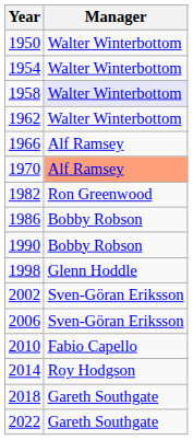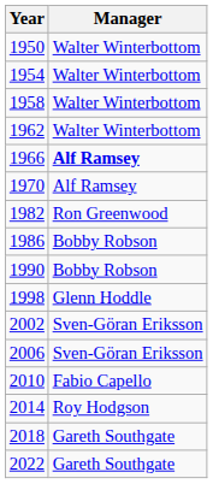 <table class="wikitable">
 <tr>
 <th>Year</th>
 <th>Manager</th>
 </tr>
 <tr>
 <td align=center><a href='#'>1950</a></td>
 <td> <a href='#'>Walter Winterbottom</a></td>
 </tr>
 <tr>
 <td align=center><a href='#'>1954</a></td>
 <td> <a href='#'>Walter Winterbottom</a></td>
 </tr>
 <tr>
 <td align=center><a href='#'>1958</a></td>
-<td style="background: lavender;"> <a href='#'>Walter Winterbottom</a></td>
+<td> <a href='#'>Walter Winterbottom</a></td>
 </tr>
 <tr>
 <td align=center><a href='#'>1962</a></td>
 <td> <a href='#'>Walter Winterbottom</a></td>
 </tr>
 <tr>
 <td align=center><a href='#'>1966</a></td>
-<td> <a href='#'>Alf Ramsey</a></td>
+<td><strong> <a href='#'>Alf Ramsey</a></strong></td>
 </tr>
 <tr>
 <td align=center><a href='#'>1970</a></td>
-<td style="background: lightsalmon;"> <a href='#'>Alf Ramsey</a></td>
+<td> <a href='#'>Alf Ramsey</a></td>
 </tr>
 <tr>
 <td align=center><a href='#'>1982</a></td>
 <td> <a href='#'>Ron Greenwood</a></td>
 </tr>
 <tr>
 <td align=center><a href='#'>1986</a></td>
 <td> <a href='#'>Bobby Robson</a></td>
 </tr>
 <tr>
 <td align=center><a href='#'>1990</a></td>
 <td> <a href='#'>Bobby Robson</a></td>
 </tr>
 <tr>
 <td align=center><a href='#'>1998</a></td>
 <td> <a href='#'>Glenn Hoddle</a></td>
 </tr>
 <tr>
 <td align=center><a href='#'>2002</a></td>
 <td> <a href='#'>Sven-Göran Eriksson</a></td>
 </tr>
 <tr>
 <td align=center><a href='#'>2006</a></td>
 <td> <a href='#'>Sven-Göran Eriksson</a></td>
 </tr>
 <tr>
 <td align=center><a href='#'>2010</a></td>
 <td> <a href='#'>Fabio Capello</a></td>
 </tr>
 <tr>
 <td align=center><a href='#'>2014</a></td>
 <td> <a href='#'>Roy Hodgson</a></td>
 </tr>
 <tr>
 <td align=center><a href='#'>2018</a></td>
 <td> <a href='#'>Gareth Southgate</a></td>
 </tr>
 <tr>
 <td align=center><a href='#'>2022</a></td>
 <td> <a href='#'>Gareth Southgate</a></td>
 </tr>
 </table>
